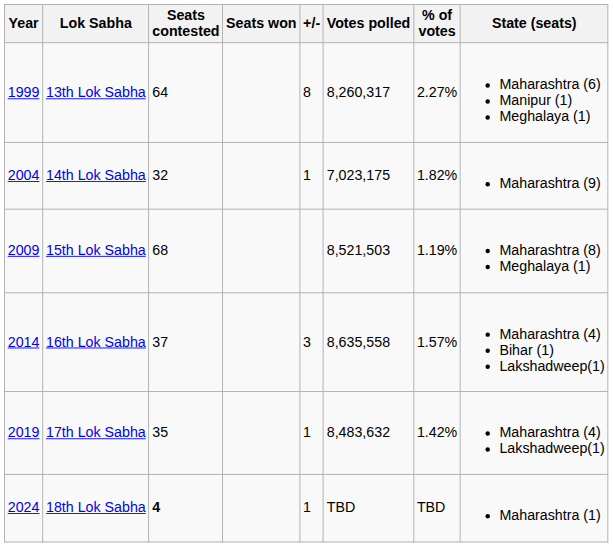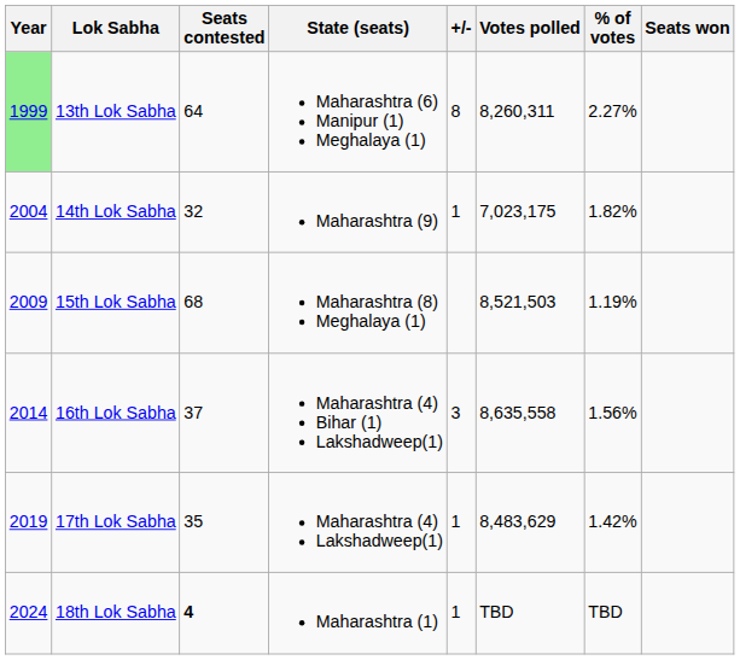 <table class="wikitable sortable">
 <tr>
 <th style="background-color:">Year</th>
 <th style="background-color:">Lok Sabha</th>
 <th style="background-color:">Seats<br>contested</th>
-<th style="background-color:">Seats won</th>
+<th style="background-color:">State (seats)</th>
 <th style="background-color:">+/-</th>
 <th style="background-color:">Votes polled</th>
 <th style="background-color:">% of<br> votes</th>
-<th style="background-color:">State (seats)</th>
+<th style="background-color:">Seats won</th>
 </tr>
 <tr>
-<td><a href='#'>1999</a></td>
+<td style="background: lightgreen;"><a href='#'>1999</a></td>
 <td><a href='#'>13th Lok Sabha</a></td>
 <td>64</td>
+<td><br><ul><li>Maharashtra (6)</li><li>Manipur (1)</li><li>Meghalaya (1)</li></ul></td>
+<td>8</td>
+<td>8,260,311</td>
+<td>2.27%</td>
 <td></td>
-<td>8</td>
-<td>8,260,317</td>
-<td>2.27%</td>
-<td><br><ul><li>Maharashtra (6)</li><li>Manipur (1)</li><li>Meghalaya (1)</li></ul></td>
 </tr>
 <tr>
 <td><a href='#'>2004</a></td>
 <td><a href='#'>14th Lok Sabha</a></td>
 <td>32</td>
-<td></td>
+<td><br><ul><li>Maharashtra (9)</li></ul></td>
 <td>1</td>
 <td>7,023,175</td>
 <td>1.82%</td>
-<td><br><ul><li>Maharashtra (9)</li></ul></td>
+<td></td>
 </tr>
 <tr>
 <td><a href='#'>2009</a></td>
 <td><a href='#'>15th Lok Sabha</a></td>
 <td>68</td>
-<td></td>
+<td><br><ul><li>Maharashtra (8)</li><li>Meghalaya (1)</li></ul></td>
 <td></td>
 <td>8,521,503</td>
 <td>1.19%</td>
-<td><br><ul><li>Maharashtra (8)</li><li>Meghalaya (1)</li></ul></td>
+<td></td>
 </tr>
 <tr>
 <td><a href='#'>2014</a></td>
 <td><a href='#'>16th Lok Sabha</a></td>
 <td>37</td>
-<td></td>
+<td><br><ul><li>Maharashtra (4)</li><li>Bihar (1)</li><li>Lakshadweep(1)</li></ul></td>
 <td>3</td>
 <td>8,635,558</td>
-<td>1.57%</td>
-<td><br><ul><li>Maharashtra (4)</li><li>Bihar (1)</li><li>Lakshadweep(1)</li></ul></td>
+<td>1.56%</td>
+<td></td>
 </tr>
 <tr>
 <td><a href='#'>2019</a></td>
 <td><a href='#'>17th Lok Sabha</a></td>
 <td>35</td>
+<td><br><ul><li>Maharashtra (4)</li><li>Lakshadweep(1)</li></ul></td>
+<td>1</td>
+<td>8,483,629</td>
+<td>1.42%</td>
 <td></td>
-<td>1</td>
-<td>8,483,632</td>
-<td>1.42%</td>
-<td><br><ul><li>Maharashtra (4)</li><li>Lakshadweep(1)</li></ul></td>
 </tr>
 <tr>
 <td><a href='#'>2024</a></td>
 <td><a href='#'>18th Lok Sabha</a></td>
 <td><strong>4</strong></td>
-<td></td>
+<td><br><ul><li>Maharashtra (1)</li></ul></td>
 <td>1</td>
 <td>TBD</td>
 <td>TBD</td>
-<td><br><ul><li>Maharashtra (1)</li></ul></td>
+<td></td>
 </tr>
 </table>
